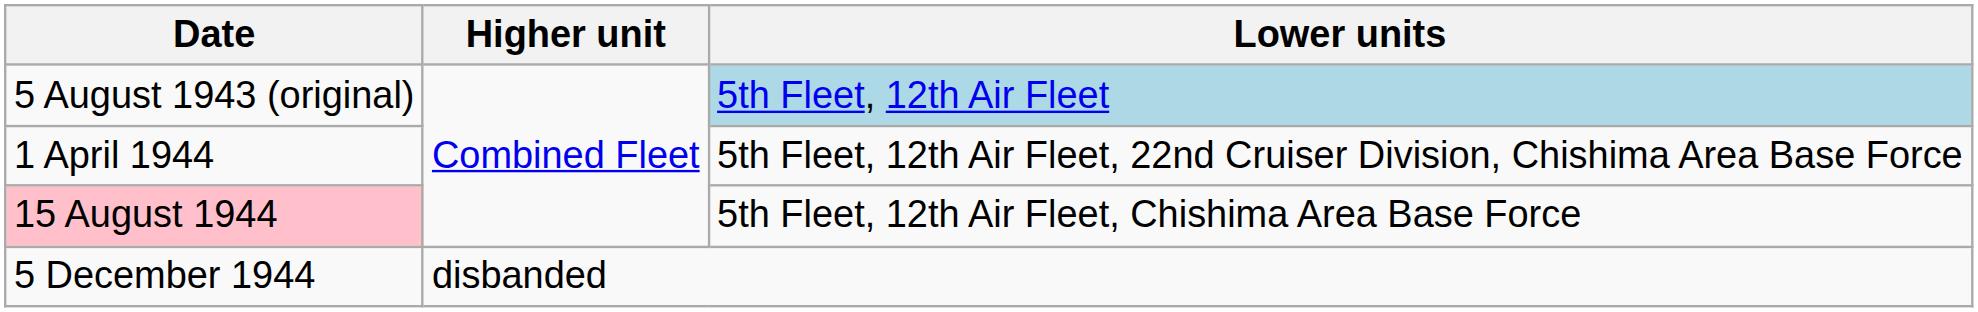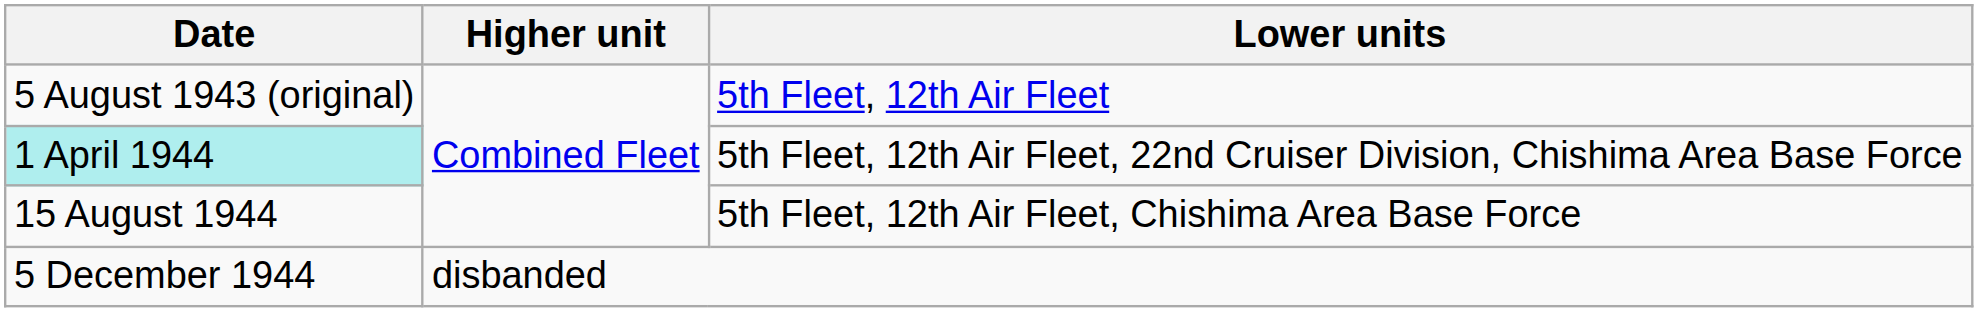 <table class="wikitable">
 <tr>
 <th>Date</th>
 <th>Higher unit</th>
 <th>Lower units</th>
 </tr>
 <tr>
 <td>5 August 1943 (original)</td>
 <td rowspan="3"><a href='#'>Combined Fleet</a></td>
-<td style="background: lightblue;"><a href='#'>5th Fleet</a>, <a href='#'>12th Air Fleet</a></td>
+<td><a href='#'>5th Fleet</a>, <a href='#'>12th Air Fleet</a></td>
 </tr>
 <tr>
-<td>1 April 1944</td>
+<td style="background: paleturquoise;">1 April 1944</td>
 <td>5th Fleet, 12th Air Fleet, 22nd Cruiser Division, Chishima Area Base Force</td>
 </tr>
 <tr>
-<td style="background: pink;">15 August 1944</td>
+<td>15 August 1944</td>
 <td>5th Fleet, 12th Air Fleet, Chishima Area Base Force</td>
 </tr>
 <tr>
 <td>5 December 1944</td>
 <td colspan="2">disbanded</td>
 </tr>
 </table>
